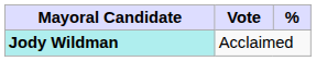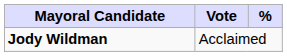 <table class="wikitable">
 <tr>
 <th style="background:#ddf; width:200px;">Mayoral Candidate</th>
 <th style="background:#ddf; width:50px;">Vote</th>
 <th style="background:#ddf; width:30px;">%</th>
 </tr>
 <tr>
-<td style="background: paleturquoise;"><strong>Jody Wildman</strong></td>
+<td><strong>Jody Wildman</strong></td>
 <td colspan="2">Acclaimed</td>
 </tr>
 </table>
